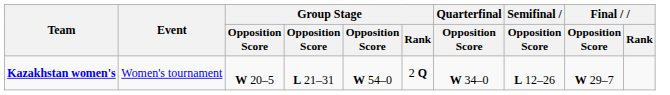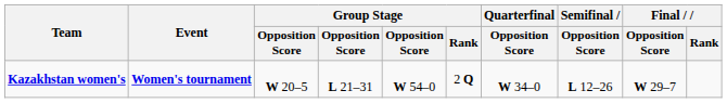 <table class=wikitable style=font-size:90%;text-align:center>
 <tr>
 <th rowspan=2>Team</th>
 <th rowspan=2>Event</th>
 <th colspan=4>Group Stage</th>
 <th>Quarterfinal</th>
 <th>Semifinal / </th>
 <th colspan=2>Final /  / </th>
 </tr>
 <tr style=font-size:95%>
 <th>Opposition<br>Score</th>
 <th>Opposition<br>Score</th>
 <th>Opposition<br>Score</th>
 <th>Rank</th>
 <th>Opposition<br>Score</th>
 <th>Opposition<br>Score</th>
 <th>Opposition<br>Score</th>
 <th>Rank</th>
 </tr>
 <tr>
 <td align=left><strong><a href='#'>Kazakhstan women's</a></strong></td>
-<td align=left><a href='#'>Women's tournament</a></td>
+<td align=left><strong><a href='#'>Women's tournament</a></strong></td>
 <td><br><strong>W</strong> 20–5</td>
 <td><br><strong>L</strong> 21–31</td>
 <td><br><strong>W</strong> 54–0</td>
 <td>2 <strong>Q</strong></td>
 <td><br><strong>W</strong> 34–0</td>
 <td><br><strong>L</strong> 12–26</td>
 <td><br><strong>W</strong> 29–7</td>
 <td></td>
 </tr>
 </table>
